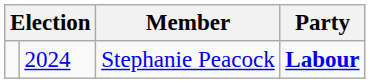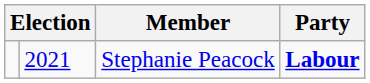 <table class="wikitable">
 <tr>
 <th colspan="2">Election</th>
 <th>Member</th>
 <th>Party</th>
 </tr>
 <tr>
 <td style="color:inherit;background-color: "></td>
-<td><a href='#'>2024</a></td>
+<td><a href='#'>2021</a></td>
 <td><a href='#'>Stephanie Peacock</a></td>
 <td><strong><a href='#'>Labour</a></strong></td>
 </tr>
 </table>
